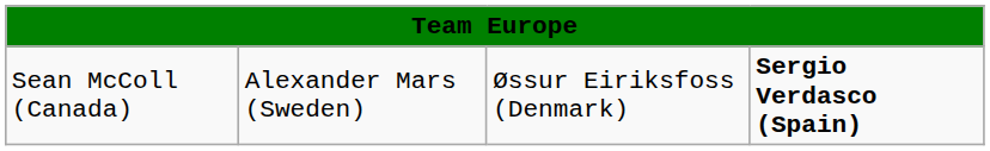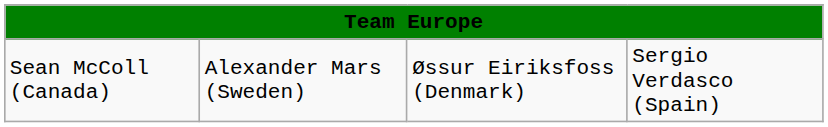 <table class="wikitable" style="width:40%; text-align=center;">
 <tr>
 <th colspan="4" style="background:green;">Team Europe</th>
 </tr>
 <tr>
 <td style="width:10%;">Sean McColl (Canada)</td>
 <td style="width:10%;">Alexander Mars (Sweden)</td>
 <td style="width:10%;">Øssur Eiriksfoss (Denmark)</td>
-<td style="width:10%;"><strong>Sergio Verdasco (Spain)</strong></td>
+<td style="width:10%;">Sergio Verdasco (Spain)</td>
 </tr>
 </table>
